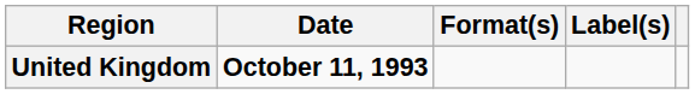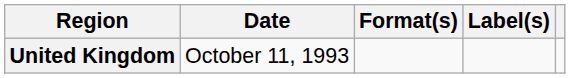 <table class="wikitable plainrowheaders">
 <tr>
 <th scope="col">Region</th>
 <th scope="col">Date</th>
 <th scope="col">Format(s)</th>
 <th scope="col">Label(s)</th>
 <th scope="col"></th>
 </tr>
 <tr>
 <th scope="row">United Kingdom</th>
-<td><strong>October 11, 1993</strong></td>
+<td>October 11, 1993</td>
 <td></td>
 <td></td>
 </tr>
 </table>
